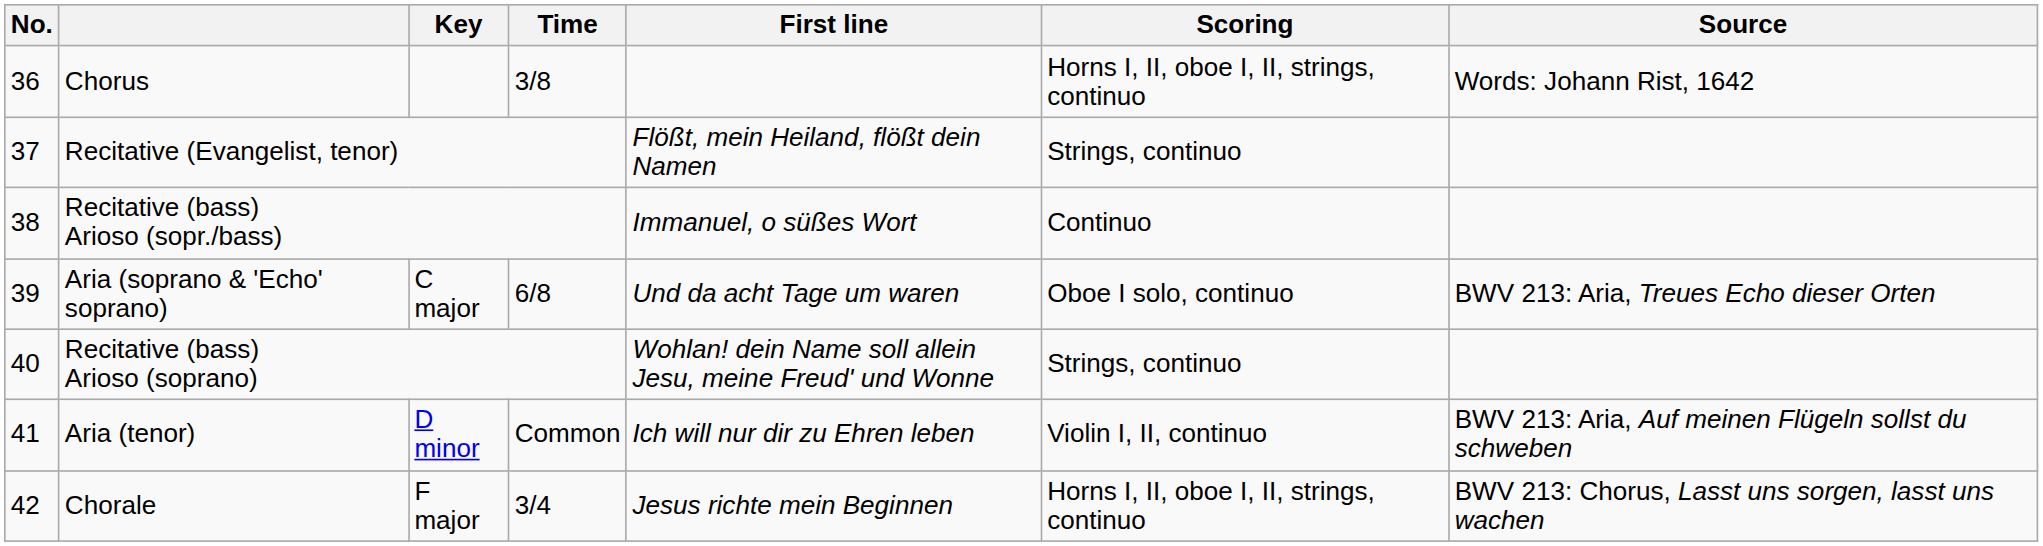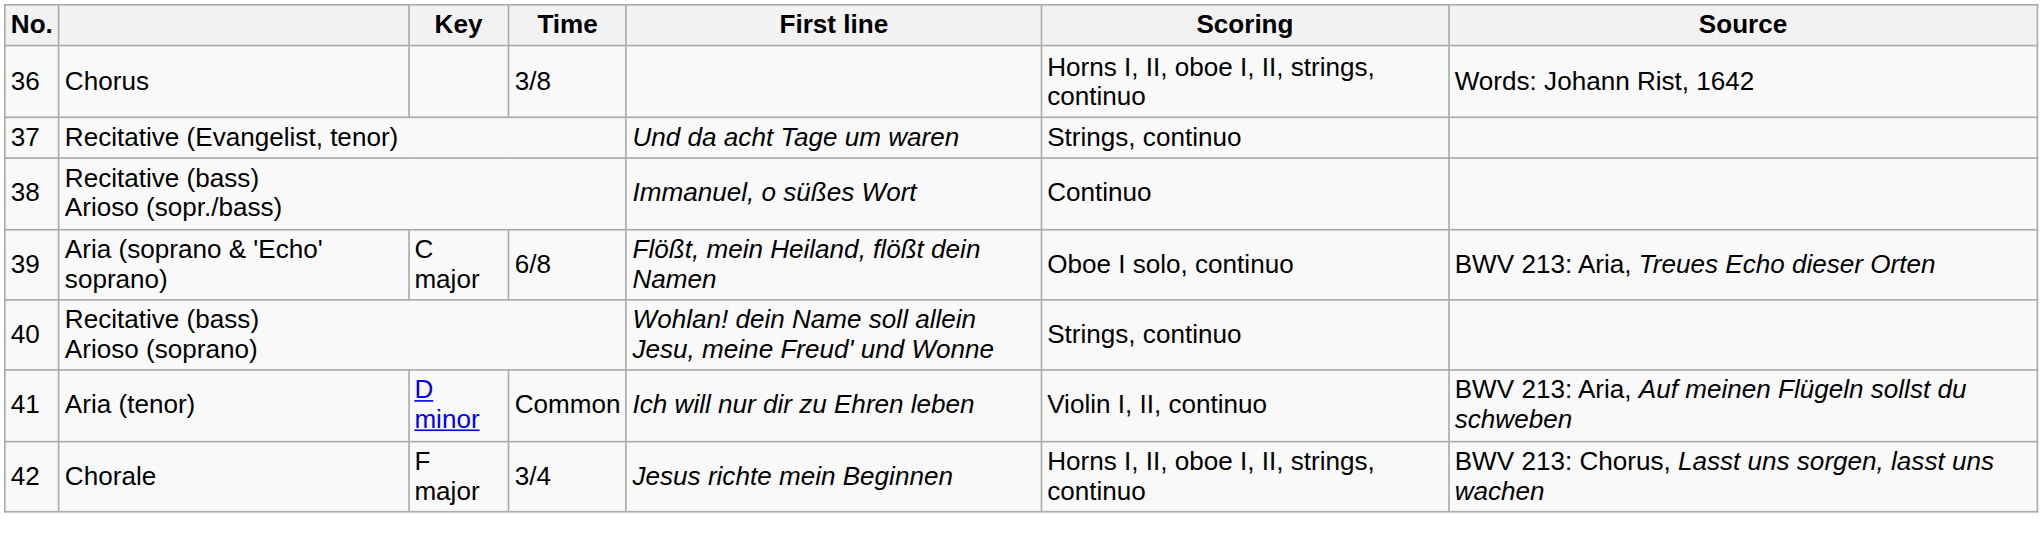 <table class="wikitable">
 <tr>
 <th>No.</th>
 <th> </th>
 <th>Key</th>
 <th>Time</th>
 <th>First line</th>
 <th>Scoring</th>
 <th>Source</th>
 </tr>
 <tr>
 <td>36</td>
 <td>Chorus</td>
 <td></td>
 <td>3/8</td>
 <td></td>
 <td>Horns I, II, oboe I, II, strings, continuo</td>
 <td>Words: Johann Rist, 1642</td>
 </tr>
 <tr>
 <td>37</td>
 <td colspan=3>Recitative (Evangelist, tenor)</td>
-<td><em>Flößt, mein Heiland, flößt dein Namen</em></td>
+<td><em>Und da acht Tage um waren</em></td>
 <td>Strings, continuo</td>
 <td></td>
 </tr>
 <tr>
 <td>38</td>
 <td colspan=3>Recitative (bass)<br>Arioso (sopr./bass)</td>
 <td><em>Immanuel, o süßes Wort<br></em></td>
 <td>Continuo</td>
 <td> </td>
 </tr>
 <tr>
 <td>39</td>
 <td>Aria (soprano & 'Echo' soprano)</td>
 <td>C major</td>
 <td>6/8</td>
-<td><em>Und da acht Tage um waren</em></td>
+<td><em>Flößt, mein Heiland, flößt dein Namen</em></td>
 <td>Oboe I solo, continuo</td>
 <td>BWV 213: Aria, <em>Treues Echo dieser Orten</em></td>
 </tr>
 <tr>
 <td>40</td>
 <td colspan=3>Recitative (bass)<br>Arioso (soprano)</td>
 <td><em>Wohlan! dein Name soll allein<br>Jesu, meine Freud' und Wonne</em></td>
 <td>Strings, continuo</td>
 <td> </td>
 </tr>
 <tr>
 <td>41</td>
 <td>Aria (tenor)</td>
 <td><a href='#'>D minor</a></td>
 <td>Common</td>
 <td><em>Ich will nur dir zu Ehren leben</em></td>
 <td>Violin I, II, continuo</td>
 <td>BWV 213: Aria, <em>Auf meinen Flügeln sollst du schweben</em></td>
 </tr>
 <tr>
 <td>42</td>
 <td>Chorale</td>
 <td>F major</td>
 <td>3/4</td>
 <td><em>Jesus richte mein Beginnen</em></td>
 <td>Horns I, II, oboe I, II, strings, continuo</td>
 <td>BWV 213: Chorus, <em>Lasst uns sorgen, lasst uns wachen</em></td>
 </tr>
 </table>
